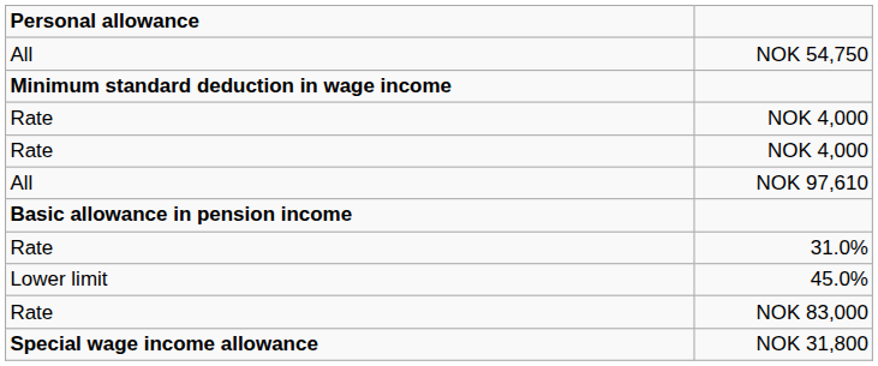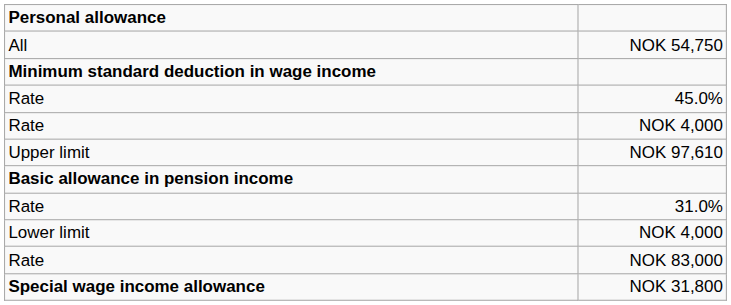 <table class="wikitable">
 <tr>
 <td style="width:400pt; text-align:left;"><strong>Personal allowance</strong></td>
 <td style="width:100pt; text-align:right;"></td>
 </tr>
 <tr>
 <td align=left>All</td>
 <td align=right>NOK 54,750</td>
 </tr>
 <tr>
 <td align=left><strong>Minimum standard deduction in wage income</strong></td>
 <td align=right></td>
 </tr>
 <tr>
 <td align=left>Rate</td>
-<td align=right>NOK 4,000</td>
+<td align=right>45.0%</td>
 </tr>
 <tr>
 <td align=left>Rate</td>
 <td align=right>NOK 4,000</td>
 </tr>
 <tr>
-<td align=left>All</td>
+<td align=left>Upper limit</td>
 <td align=right>NOK 97,610</td>
 </tr>
 <tr>
 <td align=left><strong>Basic allowance in pension income</strong></td>
 <td align=right></td>
 </tr>
 <tr>
 <td align=left>Rate</td>
 <td align=right>31.0%</td>
 </tr>
 <tr>
 <td align=left>Lower limit</td>
-<td align=right>45.0%</td>
+<td align=right>NOK 4,000</td>
 </tr>
 <tr>
 <td align=left>Rate</td>
 <td align=right>NOK 83,000</td>
 </tr>
 <tr>
 <td align=left><strong>Special wage income allowance</strong></td>
 <td align=right>NOK 31,800</td>
 </tr>
 </table>
